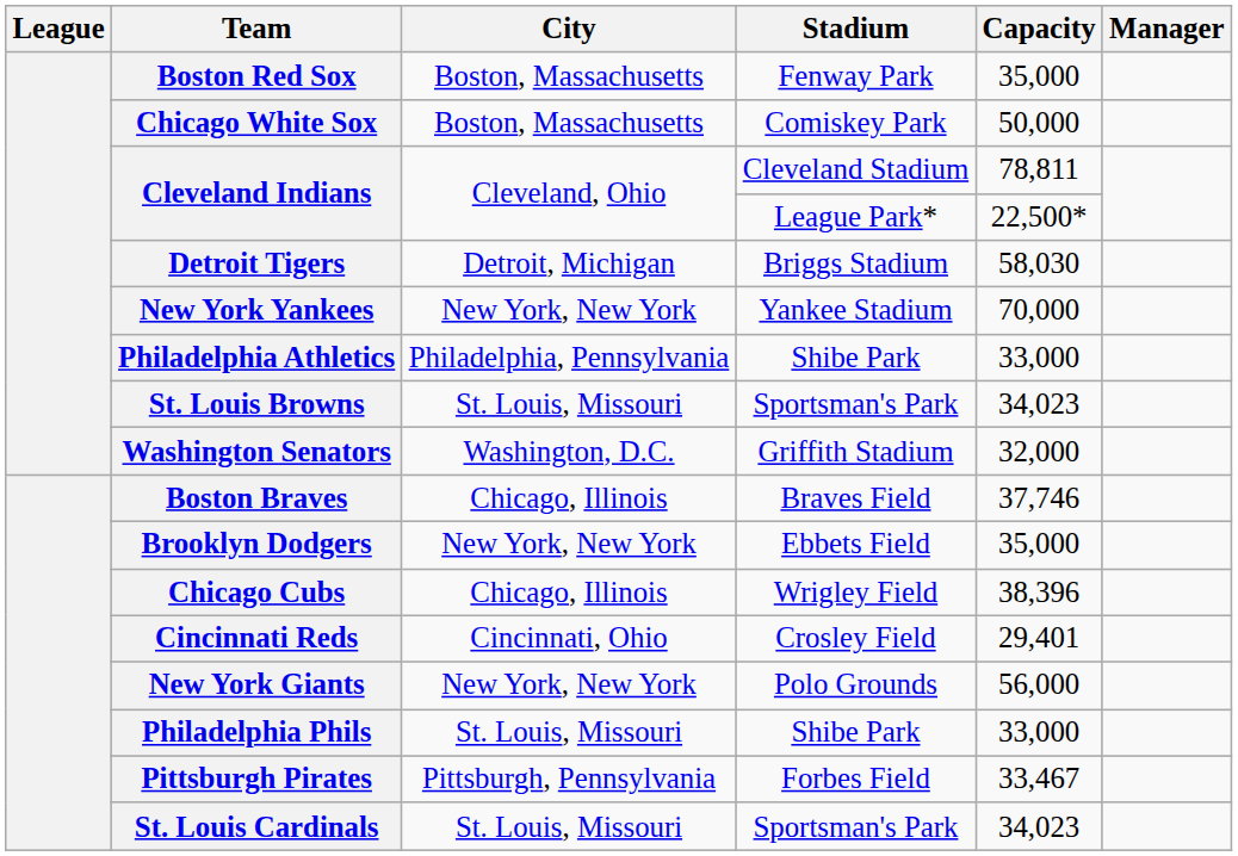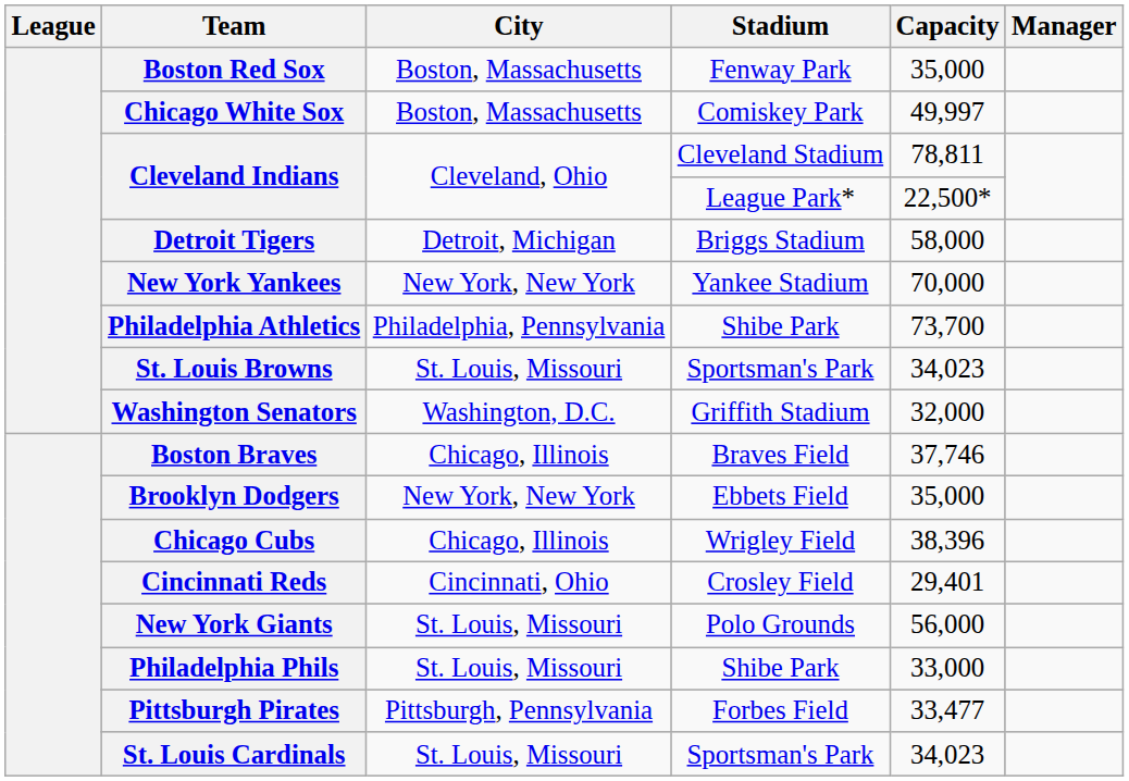 <table class="wikitable sortable plainrowheaders" style="text-align:center;">
 <tr>
 <th scope="col">League</th>
 <th scope="col">Team</th>
 <th scope="col">City</th>
 <th scope="col">Stadium</th>
 <th scope="col">Capacity</th>
 <th scope="col">Manager</th>
 </tr>
 <tr>
 <th rowspan="9"></th>
 <th scope="row"><a href='#'>Boston Red Sox</a></th>
 <td><a href='#'>Boston</a>, <a href='#'>Massachusetts</a></td>
 <td><a href='#'>Fenway Park</a></td>
 <td>35,000</td>
 <td></td>
 </tr>
 <tr>
 <th scope="row"><a href='#'>Chicago White Sox</a></th>
 <td><a href='#'>Boston</a>, <a href='#'>Massachusetts</a></td>
 <td><a href='#'>Comiskey Park</a></td>
-<td>50,000</td>
+<td>49,997</td>
 <td></td>
 </tr>
 <tr>
 <th rowspan="2" scope="row"><a href='#'>Cleveland Indians</a></th>
 <td rowspan="2"><a href='#'>Cleveland</a>, <a href='#'>Ohio</a></td>
 <td><a href='#'>Cleveland Stadium</a></td>
 <td>78,811</td>
 <td rowspan="2"></td>
 </tr>
 <tr>
 <td><a href='#'>League Park</a>*</td>
 <td>22,500*</td>
 </tr>
 <tr>
 <th scope="row"><a href='#'>Detroit Tigers</a></th>
 <td><a href='#'>Detroit</a>, <a href='#'>Michigan</a></td>
 <td><a href='#'>Briggs Stadium</a></td>
-<td>58,030</td>
+<td>58,000</td>
 <td></td>
 </tr>
 <tr>
 <th scope="row"><a href='#'>New York Yankees</a></th>
 <td><a href='#'>New York</a>, <a href='#'>New York</a></td>
 <td><a href='#'>Yankee Stadium</a></td>
 <td>70,000</td>
 <td></td>
 </tr>
 <tr>
 <th scope="row"><a href='#'>Philadelphia Athletics</a></th>
 <td><a href='#'>Philadelphia</a>, <a href='#'>Pennsylvania</a></td>
 <td><a href='#'>Shibe Park</a></td>
-<td>33,000</td>
+<td>73,700</td>
 <td></td>
 </tr>
 <tr>
 <th scope="row"><a href='#'>St. Louis Browns</a></th>
 <td><a href='#'>St. Louis</a>, <a href='#'>Missouri</a></td>
 <td><a href='#'>Sportsman's Park</a></td>
 <td>34,023</td>
 <td></td>
 </tr>
 <tr>
 <th scope="row"><a href='#'>Washington Senators</a></th>
 <td><a href='#'>Washington, D.C.</a></td>
 <td><a href='#'>Griffith Stadium</a></td>
 <td>32,000</td>
 <td></td>
 </tr>
 <tr>
 <th rowspan="8"></th>
 <th scope="row"><a href='#'>Boston Braves</a></th>
 <td><a href='#'>Chicago</a>, <a href='#'>Illinois</a></td>
 <td><a href='#'>Braves Field</a></td>
 <td>37,746</td>
 <td></td>
 </tr>
 <tr>
 <th scope="row"><a href='#'>Brooklyn Dodgers</a></th>
 <td><a href='#'>New York</a>, <a href='#'>New York</a></td>
 <td><a href='#'>Ebbets Field</a></td>
 <td>35,000</td>
 <td></td>
 </tr>
 <tr>
 <th scope="row"><a href='#'>Chicago Cubs</a></th>
 <td><a href='#'>Chicago</a>, <a href='#'>Illinois</a></td>
 <td><a href='#'>Wrigley Field</a></td>
 <td>38,396</td>
 <td></td>
 </tr>
 <tr>
 <th scope="row"><a href='#'>Cincinnati Reds</a></th>
 <td><a href='#'>Cincinnati</a>, <a href='#'>Ohio</a></td>
 <td><a href='#'>Crosley Field</a></td>
 <td>29,401</td>
 <td></td>
 </tr>
 <tr>
 <th scope="row"><a href='#'>New York Giants</a></th>
-<td><a href='#'>New York</a>, <a href='#'>New York</a></td>
+<td><a href='#'>St. Louis</a>, <a href='#'>Missouri</a></td>
 <td><a href='#'>Polo Grounds</a></td>
 <td>56,000</td>
 <td></td>
 </tr>
 <tr>
 <th scope="row"><a href='#'>Philadelphia Phils</a></th>
 <td><a href='#'>St. Louis</a>, <a href='#'>Missouri</a></td>
 <td><a href='#'>Shibe Park</a></td>
 <td>33,000</td>
 <td></td>
 </tr>
 <tr>
 <th scope="row"><a href='#'>Pittsburgh Pirates</a></th>
 <td><a href='#'>Pittsburgh</a>, <a href='#'>Pennsylvania</a></td>
 <td><a href='#'>Forbes Field</a></td>
-<td>33,467</td>
+<td>33,477</td>
 <td></td>
 </tr>
 <tr>
 <th scope="row"><a href='#'>St. Louis Cardinals</a></th>
 <td><a href='#'>St. Louis</a>, <a href='#'>Missouri</a></td>
 <td><a href='#'>Sportsman's Park</a></td>
 <td>34,023</td>
 <td></td>
 </tr>
 </table>
